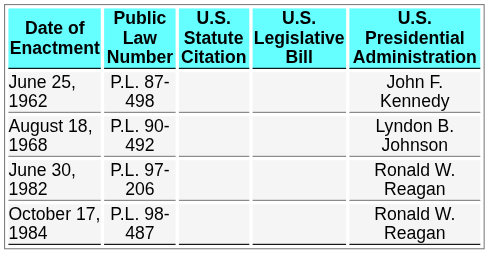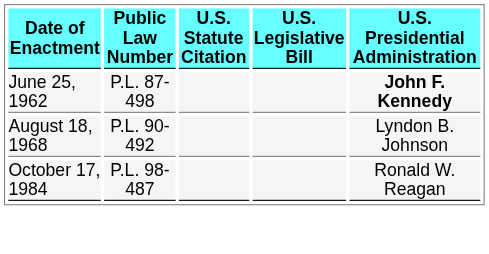 <table style="border:1px solid gray; align:left; width:70%" cellspacing=3 cellpadding=0>
 <tr style="font-weight:bold; text-align:center; background:#6FF; color:black;">
 <th style=" border-bottom:1.5px solid black">Date of Enactment</th>
 <th style=" border-bottom:1.5px solid black">Public Law Number</th>
 <th style=" border-bottom:1.5px solid black">U.S. Statute Citation</th>
 <th style=" border-bottom:1.5px solid black">U.S. Legislative Bill</th>
 <th style=" border-bottom:1.5px solid black">U.S. Presidential Administration</th>
 </tr>
 <tr>
 <td style="border-bottom:1px solid gray; background:#F5F5F5;">June 25, 1962</td>
 <td style="border-bottom:1px solid gray; background:#F5F5F5; text-align:center;">P.L. 87-498</td>
 <td style="border-bottom:1px solid gray; background:#F5F5F5; text-align:center;"></td>
 <td style="border-bottom:1px solid gray; background:#F5F5F5; text-align:center;"></td>
-<td style="border-bottom:1px solid gray; background:#F5F5F5; text-align:center;">John F. Kennedy</td>
+<td style="border-bottom:1px solid gray; background:#F5F5F5; text-align:center;"><strong>John F. Kennedy</strong></td>
 </tr>
 <tr>
 <td style="border-bottom:1px solid gray; background:#F5F5F5;">August 18, 1968</td>
 <td style="border-bottom:1px solid gray; background:#F5F5F5; text-align:center;">P.L. 90-492</td>
 <td style="border-bottom:1px solid gray; background:#F5F5F5; text-align:center;"></td>
 <td style="border-bottom:1px solid gray; background:#F5F5F5; text-align:center;"></td>
 <td style="border-bottom:1px solid gray; background:#F5F5F5; text-align:center;">Lyndon B. Johnson</td>
 </tr>
 <tr>
-<td style="border-bottom:1px solid gray; background:#F5F5F5;">June 30, 1982</td>
-<td style="border-bottom:1px solid gray; background:#F5F5F5; text-align:center;">P.L. 97-206</td>
-<td style="border-bottom:1px solid gray; background:#F5F5F5; text-align:center;"></td>
-<td style="border-bottom:1px solid gray; background:#F5F5F5; text-align:center;"></td>
-<td style="border-bottom:1px solid gray; background:#F5F5F5; text-align:center;">Ronald W. Reagan</td>
-</tr>
-<tr>
 <td style="border-bottom:1.5px solid black; background:#F5F5F5;">October 17, 1984</td>
 <td style="border-bottom:1.5px solid black; background:#F5F5F5; text-align:center;">P.L. 98-487</td>
 <td style="border-bottom:1.5px solid black; background:#F5F5F5; text-align:center;"></td>
 <td style="border-bottom:1.5px solid black; background:#F5F5F5; text-align:center;"></td>
 <td style="border-bottom:1.5px solid black; background:#F5F5F5; text-align:center;">Ronald W. Reagan</td>
 </tr>
 </table>
